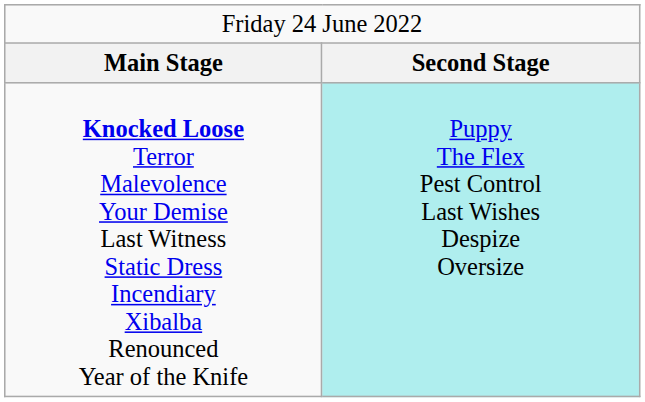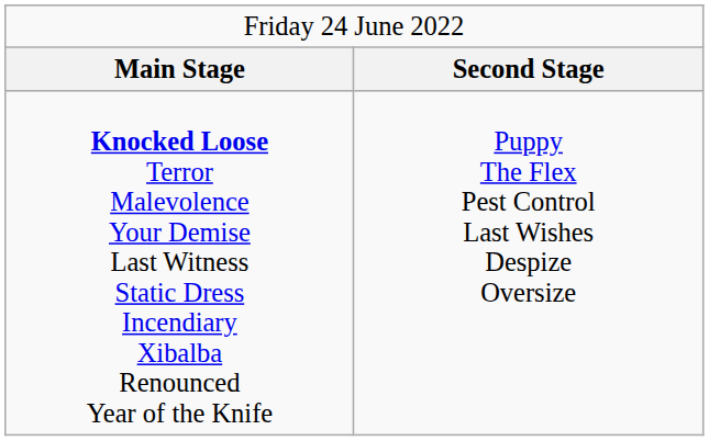 <table class="wikitable">
 <tr>
 <td colspan="4" style="text-align:center;">Friday 24 June 2022</td>
 </tr>
 <tr>
 <th>Main Stage</th>
 <th>Second Stage</th>
 </tr>
 <tr>
 <td style="text-align:center; vertical-align:top; width:200px;"><br><strong><a href='#'>Knocked Loose</a></strong><br> <a href='#'>Terror</a><br> <a href='#'>Malevolence</a><br> <a href='#'>Your Demise</a><br> Last Witness<br> <a href='#'>Static Dress</a><br> <a href='#'>Incendiary</a><br> <a href='#'>Xibalba</a><br> Renounced<br> Year of the Knife</td>
-<td style="background: paleturquoise; text-align:center; vertical-align:top; width:200px;"><br><a href='#'>Puppy</a><br> <a href='#'>The Flex</a><br> Pest Control<br> Last Wishes<br> Despize<br> Oversize</td>
+<td style="text-align:center; vertical-align:top; width:200px;"><br><a href='#'>Puppy</a><br> <a href='#'>The Flex</a><br> Pest Control<br> Last Wishes<br> Despize<br> Oversize</td>
 </tr>
 </table>
